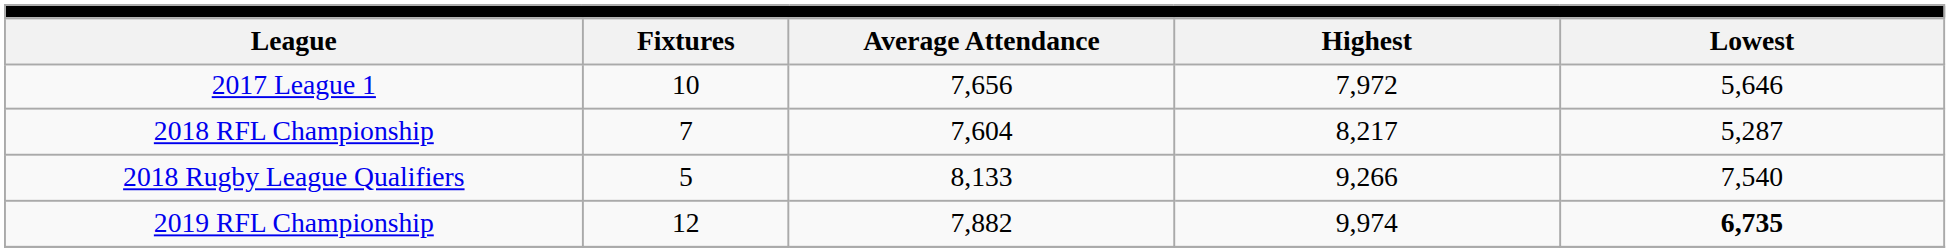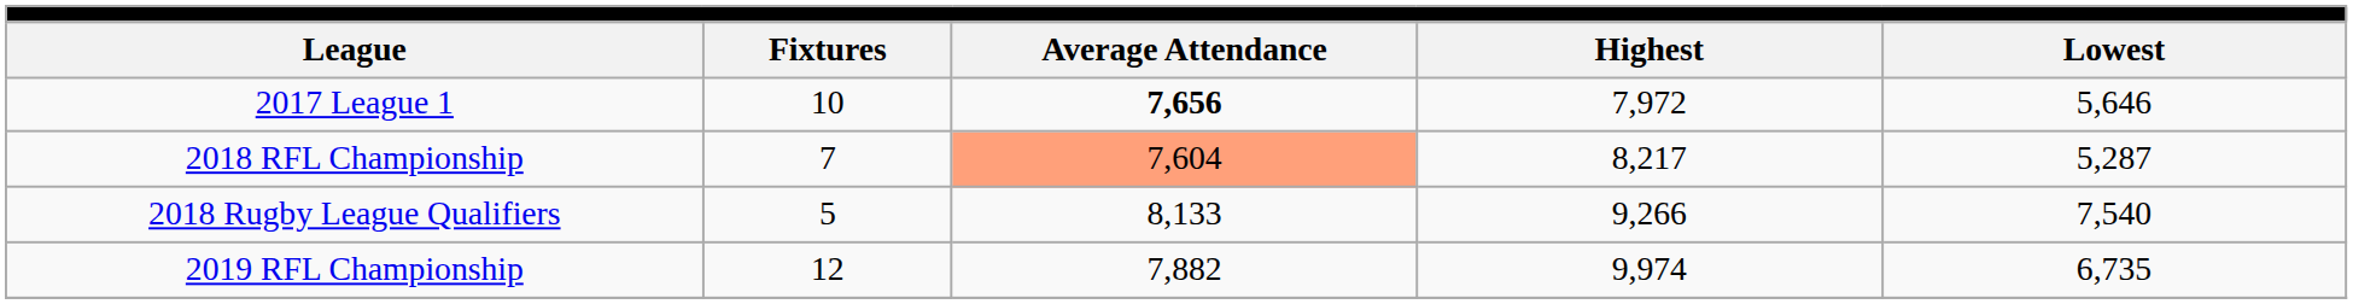 <table class="wikitable" style="font-size:90%; width:80%; text-align:center;">
 <tr>
 <td colspan="5" class="unsortable" style="width:45%; background:Black"></td>
 </tr>
 <tr>
 <th style="width:15%;">League</th>
 <th style="width:5%;">Fixtures</th>
 <th style="width:10%;">Average Attendance</th>
 <th style="width:10%;">Highest</th>
 <th style="width:10%;">Lowest</th>
 </tr>
 <tr>
 <td><a href='#'>2017 League 1</a></td>
 <td>10</td>
-<td>7,656</td>
+<td><strong>7,656</strong></td>
 <td>7,972</td>
 <td>5,646</td>
 </tr>
 <tr>
 <td><a href='#'>2018 RFL Championship</a></td>
 <td>7</td>
-<td>7,604</td>
+<td style="background: lightsalmon;">7,604</td>
 <td>8,217</td>
 <td>5,287</td>
 </tr>
 <tr>
 <td><a href='#'>2018 Rugby League Qualifiers</a></td>
 <td>5</td>
 <td>8,133</td>
 <td>9,266</td>
 <td>7,540</td>
 </tr>
 <tr>
 <td><a href='#'>2019 RFL Championship</a></td>
 <td>12</td>
 <td>7,882</td>
 <td>9,974</td>
-<td><strong>6,735</strong></td>
+<td>6,735</td>
 </tr>
 <tr>
 </tr>
 </table>
